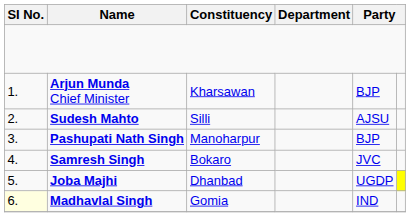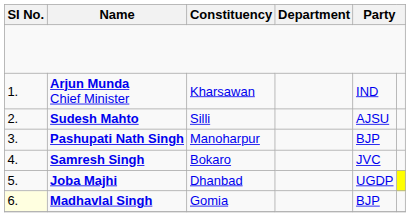 <table class="wikitable sortable">
 <tr>
 <th>SI No.</th>
 <th>Name</th>
 <th>Constituency</th>
 <th>Department</th>
 <th colspan="2" scope="col">Party</th>
 </tr>
 <tr style="text-align:center; height:60px;">
 </tr>
 <tr>
 <td>1.</td>
 <td><strong><a href='#'>Arjun Munda</a></strong><br><a href='#'>Chief Minister</a></td>
 <td><a href='#'>Kharsawan</a></td>
 <td></td>
-<td><a href='#'>BJP</a></td>
+<td><a href='#'>IND</a></td>
 <td width="4px"></td>
 </tr>
 <tr>
 <td>2.</td>
 <td><strong><a href='#'>Sudesh Mahto</a></strong></td>
 <td><a href='#'>Silli</a></td>
 <td></td>
 <td><a href='#'>AJSU</a></td>
 <td width="4px"></td>
 </tr>
 <tr>
 <td>3.</td>
 <td><strong><a href='#'>Pashupati Nath Singh</a></strong></td>
 <td><a href='#'>Manoharpur</a></td>
 <td></td>
 <td><a href='#'>BJP</a></td>
 <td width="4px"></td>
 </tr>
 <tr>
 <td>4.</td>
 <td><strong><a href='#'>Samresh Singh</a></strong></td>
 <td><a href='#'>Bokaro</a></td>
 <td></td>
 <td><a href='#'>JVC</a></td>
 <td width="4px"></td>
 </tr>
 <tr>
 <td>5.</td>
 <td><strong><a href='#'>Joba Majhi</a></strong></td>
 <td><a href='#'>Dhanbad</a></td>
 <td></td>
 <td><a href='#'>UGDP</a></td>
 <td width="4px" bgcolor="yellow"></td>
 </tr>
 <tr>
 <td style="background: lightyellow;">6.</td>
 <td><strong><a href='#'>Madhavlal Singh</a></strong></td>
 <td><a href='#'>Gomia</a></td>
 <td></td>
-<td><a href='#'>IND</a></td>
+<td><a href='#'>BJP</a></td>
 <td width="4px"></td>
 </tr>
 <tr>
 </tr>
 </table>
